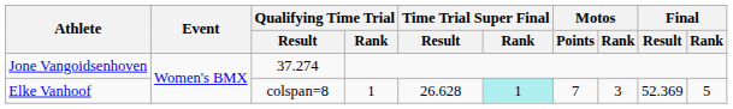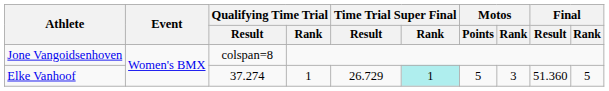 <table class="wikitable" style="font-size:90%">
 <tr>
 <th rowspan="2">Athlete</th>
 <th rowspan="2">Event</th>
 <th colspan="2">Qualifying Time Trial</th>
 <th colspan="2">Time Trial Super Final</th>
 <th colspan="2">Motos</th>
 <th colspan="2">Final</th>
 </tr>
 <tr style="font-size:95%">
 <th>Result</th>
 <th>Rank</th>
 <th>Result</th>
 <th>Rank</th>
 <th>Points</th>
 <th>Rank</th>
 <th>Result</th>
 <th>Rank</th>
 </tr>
 <tr align=center>
 <td align=left><a href='#'>Jone Vangoidsenhoven</a></td>
 <td align=left rowspan=2><a href='#'>Women's BMX</a></td>
-<td>37.274</td>
+<td>colspan=8 </td>
 </tr>
 <tr align=center>
 <td align=left><a href='#'>Elke Vanhoof</a></td>
-<td>colspan=8 </td>
+<td>37.274</td>
 <td>1</td>
-<td>26.628</td>
+<td>26.729</td>
 <td style="background: paleturquoise;">1</td>
-<td>7</td>
+<td>5</td>
 <td>3</td>
-<td>52.369</td>
+<td>51.360</td>
 <td>5</td>
 </tr>
 </table>
